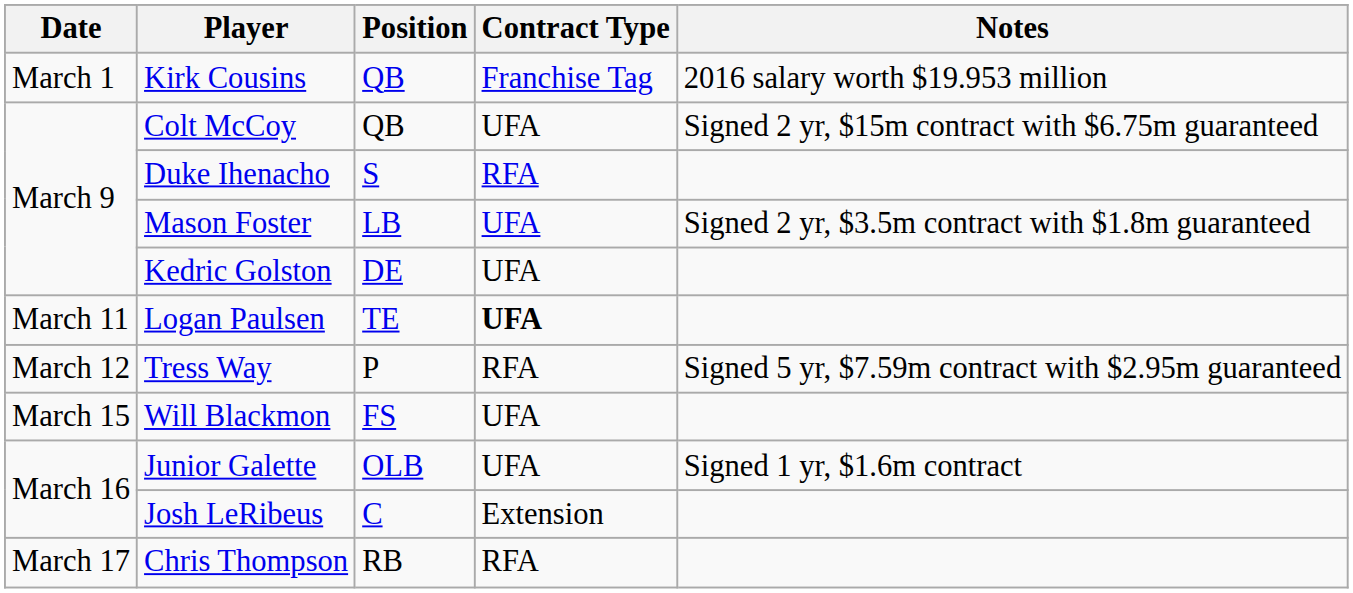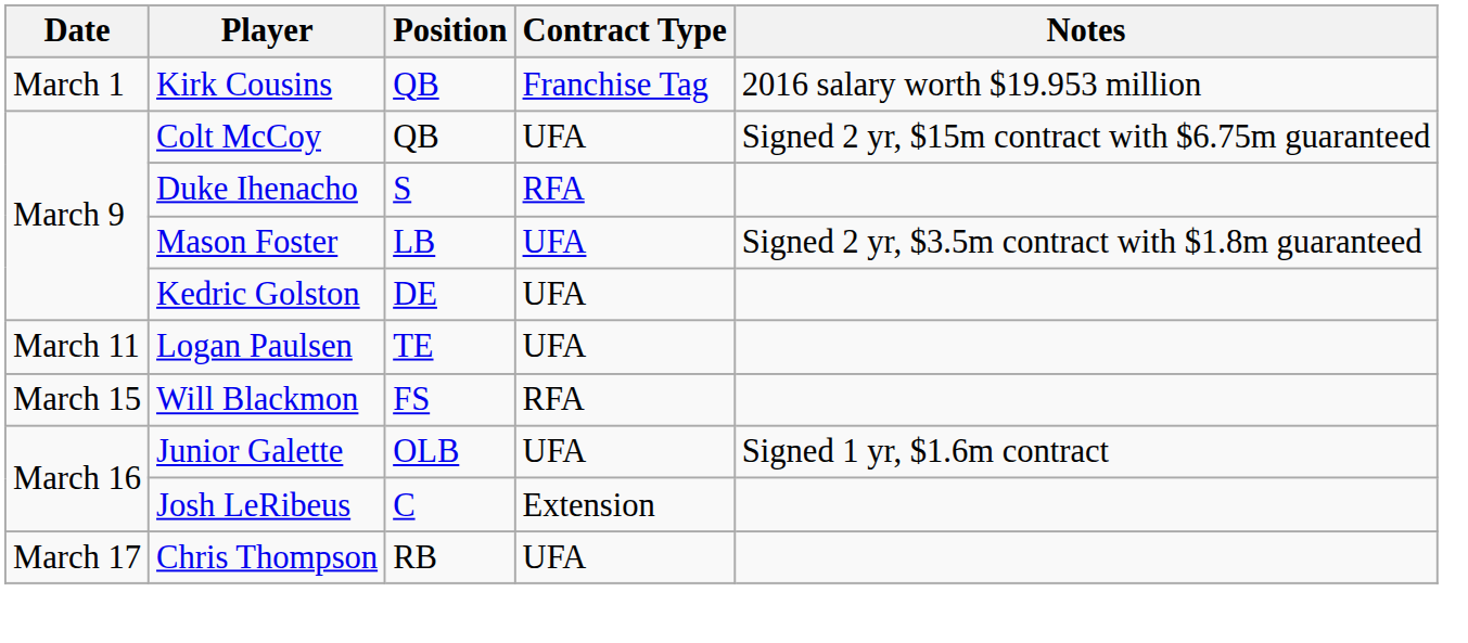 <table class="wikitable sortable">
 <tr>
 <th>Date</th>
 <th>Player</th>
 <th>Position</th>
 <th>Contract Type</th>
 <th>Notes</th>
 </tr>
 <tr>
 <td>March 1</td>
 <td><a href='#'>Kirk Cousins</a></td>
 <td><a href='#'>QB</a></td>
 <td><a href='#'>Franchise Tag</a></td>
 <td>2016 salary worth $19.953 million</td>
 </tr>
 <tr>
 <td rowspan="4">March 9</td>
 <td><a href='#'>Colt McCoy</a></td>
 <td>QB</td>
 <td>UFA</td>
 <td>Signed 2 yr, $15m contract with $6.75m guaranteed</td>
 </tr>
 <tr>
 <td><a href='#'>Duke Ihenacho</a></td>
 <td><a href='#'>S</a></td>
 <td><a href='#'>RFA</a></td>
 <td></td>
 </tr>
 <tr>
 <td><a href='#'>Mason Foster</a></td>
 <td><a href='#'>LB</a></td>
 <td><a href='#'>UFA</a></td>
 <td>Signed 2 yr,  $3.5m contract with $1.8m guaranteed</td>
 </tr>
 <tr>
 <td><a href='#'>Kedric Golston</a></td>
 <td><a href='#'>DE</a></td>
 <td>UFA</td>
 <td></td>
 </tr>
 <tr>
 <td>March 11</td>
 <td><a href='#'>Logan Paulsen</a></td>
 <td><a href='#'>TE</a></td>
-<td><strong>UFA</strong></td>
+<td>UFA</td>
 <td></td>
-</tr>
-<tr>
-<td>March 12</td>
-<td><a href='#'>Tress Way</a></td>
-<td>P</td>
-<td>RFA</td>
-<td>Signed 5 yr, $7.59m contract with $2.95m guaranteed</td>
 </tr>
 <tr>
 <td>March 15</td>
 <td><a href='#'>Will Blackmon</a></td>
 <td><a href='#'>FS</a></td>
-<td>UFA</td>
+<td>RFA</td>
 <td></td>
 </tr>
 <tr>
 <td rowspan="2">March 16</td>
 <td><a href='#'>Junior Galette</a></td>
 <td><a href='#'>OLB</a></td>
 <td>UFA</td>
 <td>Signed 1 yr, $1.6m contract</td>
 </tr>
 <tr>
 <td><a href='#'>Josh LeRibeus</a></td>
 <td><a href='#'>C</a></td>
 <td>Extension</td>
 <td></td>
 </tr>
 <tr>
 <td>March 17</td>
 <td><a href='#'>Chris Thompson</a></td>
 <td>RB</td>
-<td>RFA</td>
+<td>UFA</td>
 <td></td>
 </tr>
 </table>
